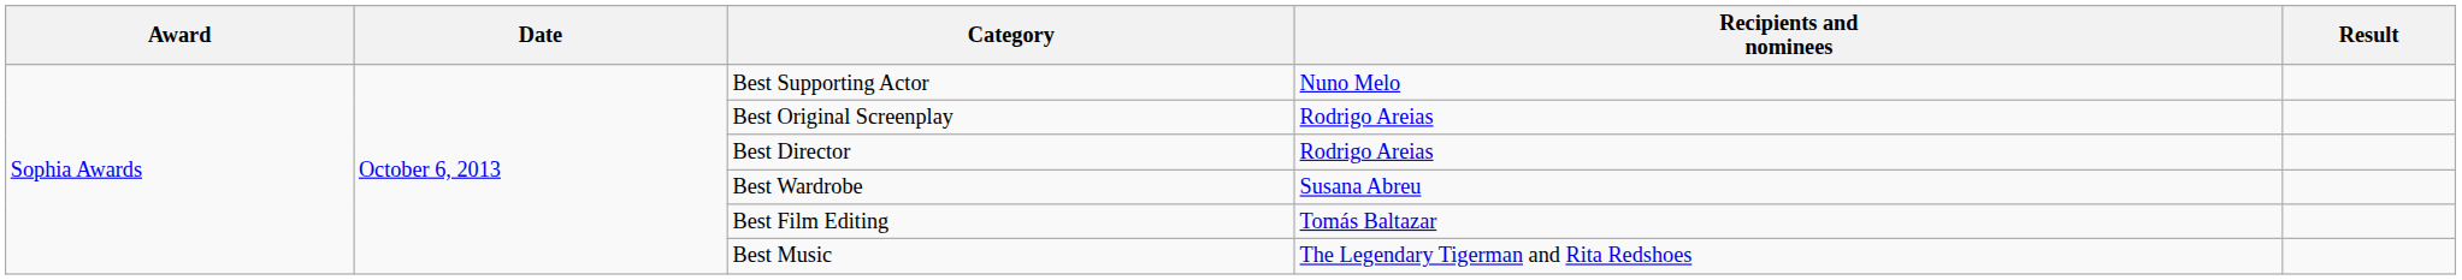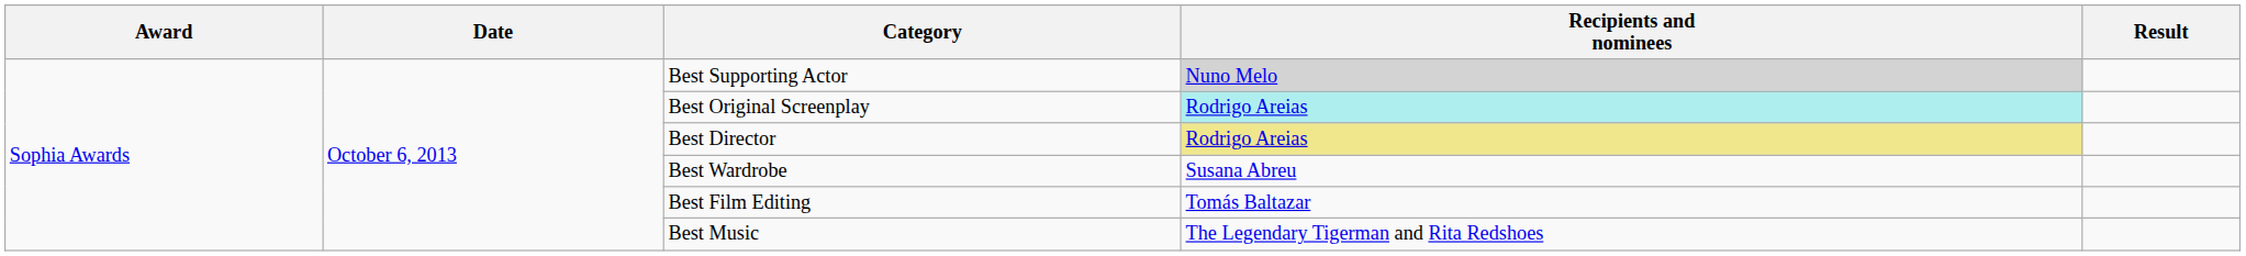 <table class="wikitable sortable" width="90%">
 <tr style="background:#ccc; text-align:center;">
 <th>Award</th>
 <th>Date</th>
 <th>Category</th>
 <th>Recipients and <br>nominees</th>
 <th>Result</th>
 </tr>
 <tr>
 <td rowspan="6"><a href='#'>Sophia Awards</a></td>
 <td rowspan="6"><a href='#'>October 6, 2013</a></td>
 <td>Best Supporting Actor</td>
-<td><a href='#'>Nuno Melo</a></td>
+<td style="background: lightgrey;"><a href='#'>Nuno Melo</a></td>
 <td></td>
 </tr>
 <tr>
 <td>Best Original Screenplay</td>
-<td><a href='#'>Rodrigo Areias</a></td>
+<td style="background: paleturquoise;"><a href='#'>Rodrigo Areias</a></td>
 <td></td>
 </tr>
 <tr>
 <td>Best Director</td>
-<td><a href='#'>Rodrigo Areias</a></td>
+<td style="background: khaki;"><a href='#'>Rodrigo Areias</a></td>
 <td></td>
 </tr>
 <tr>
 <td>Best Wardrobe</td>
 <td><a href='#'>Susana Abreu</a></td>
 <td></td>
 </tr>
 <tr>
 <td>Best Film Editing</td>
 <td><a href='#'>Tomás Baltazar</a></td>
 <td></td>
 </tr>
 <tr>
 <td>Best Music</td>
 <td><a href='#'>The Legendary Tigerman</a> and <a href='#'>Rita Redshoes</a></td>
 <td></td>
 </tr>
 </table>
